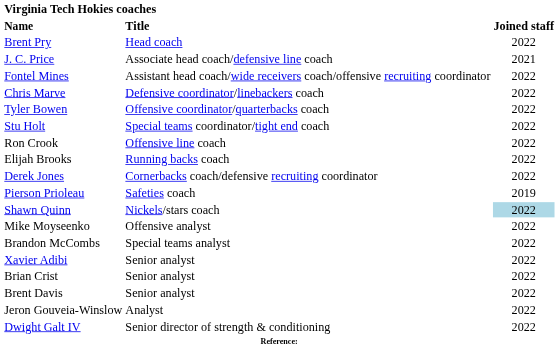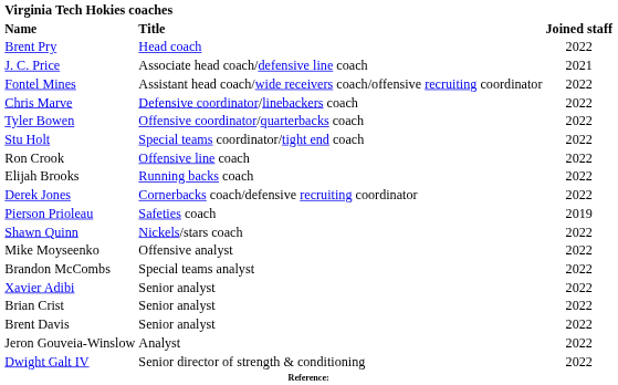 <table class="toccolours" style="text-align: left;">
 <tr>
 <td colspan="9"><strong>Virginia Tech Hokies coaches</strong></td>
 </tr>
 <tr>
 <td style="font-size: 95%;" valign="top"><strong>Name</strong></td>
 <td><strong>Title</strong></td>
 <td><strong>Joined staff</strong></td>
 </tr>
 <tr>
 <td><a href='#'>Brent Pry</a></td>
 <td><a href='#'>Head coach</a></td>
 <td align=center>2022</td>
 </tr>
 <tr>
 <td><a href='#'>J. C. Price</a></td>
 <td>Associate head coach/<a href='#'>defensive line</a> coach</td>
 <td align="center">2021</td>
 </tr>
 <tr>
 <td><a href='#'>Fontel Mines</a></td>
 <td>Assistant head coach/<a href='#'>wide receivers</a> coach/offensive <a href='#'>recruiting</a> coordinator</td>
 <td align="center">2022</td>
 </tr>
 <tr>
 <td><a href='#'>Chris Marve</a></td>
 <td><a href='#'>Defensive coordinator</a>/<a href='#'>linebackers</a> coach</td>
 <td align="center">2022</td>
 </tr>
 <tr>
 <td><a href='#'>Tyler Bowen</a></td>
 <td><a href='#'>Offensive coordinator</a>/<a href='#'>quarterbacks</a> coach</td>
 <td align=center>2022</td>
 </tr>
 <tr>
 <td><a href='#'>Stu Holt</a></td>
 <td><a href='#'>Special teams</a> coordinator/<a href='#'>tight end</a> coach</td>
 <td align="center">2022</td>
 </tr>
 <tr>
 <td>Ron Crook</td>
 <td><a href='#'>Offensive line</a> coach</td>
 <td align="center">2022</td>
 </tr>
 <tr>
 <td>Elijah Brooks</td>
 <td><a href='#'>Running backs</a> coach</td>
 <td align="center">2022</td>
 </tr>
 <tr>
 <td><a href='#'>Derek Jones</a></td>
 <td><a href='#'>Cornerbacks</a> coach/defensive <a href='#'>recruiting</a> coordinator</td>
 <td align=center>2022</td>
 </tr>
 <tr>
 <td><a href='#'>Pierson Prioleau</a></td>
 <td><a href='#'>Safeties</a> coach</td>
 <td align="center">2019</td>
 </tr>
 <tr>
 <td><a href='#'>Shawn Quinn</a></td>
 <td><a href='#'>Nickels</a>/stars coach</td>
-<td align="center" style="background: lightblue;">2022</td>
+<td align="center">2022</td>
 </tr>
 <tr>
 <td>Mike Moyseenko</td>
 <td>Offensive analyst</td>
 <td align=center>2022</td>
 </tr>
 <tr>
 <td>Brandon McCombs</td>
 <td>Special teams analyst</td>
 <td align=center>2022</td>
 </tr>
 <tr>
 <td><a href='#'>Xavier Adibi</a></td>
 <td>Senior analyst</td>
 <td align=center>2022</td>
 </tr>
 <tr>
 <td>Brian Crist</td>
 <td>Senior analyst</td>
 <td align=center>2022</td>
 </tr>
 <tr>
 <td>Brent Davis</td>
 <td>Senior analyst</td>
 <td align=center>2022</td>
 </tr>
 <tr>
 <td>Jeron Gouveia-Winslow</td>
 <td>Analyst</td>
 <td align=center>2022</td>
 </tr>
 <tr>
 <td><a href='#'>Dwight Galt IV</a></td>
 <td>Senior director of strength & conditioning</td>
 <td align=center>2022</td>
 </tr>
 <tr>
 <td colspan="4" style="font-size:8pt; text-align:center;"><strong>Reference:</strong></td>
 </tr>
 </table>
